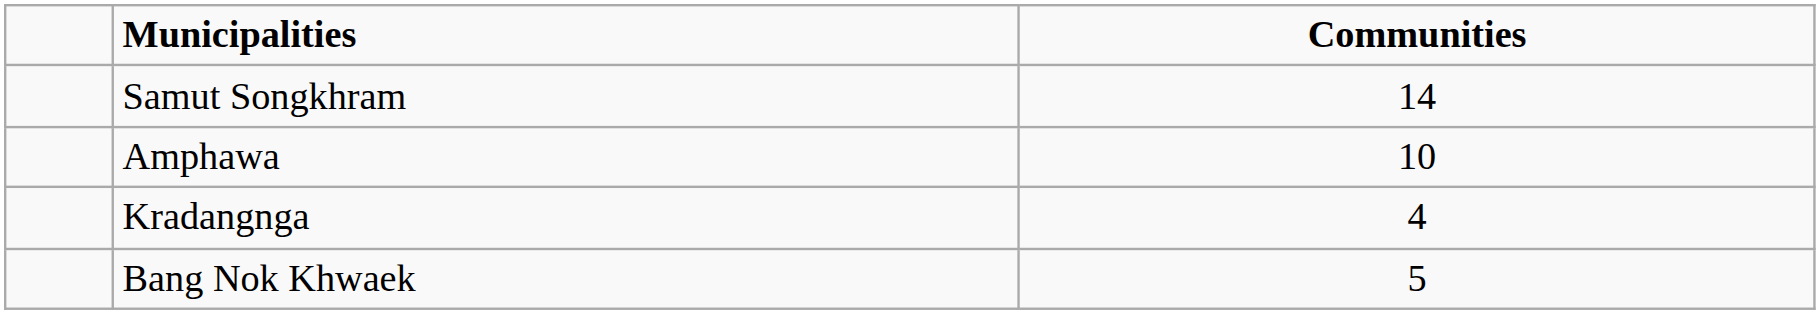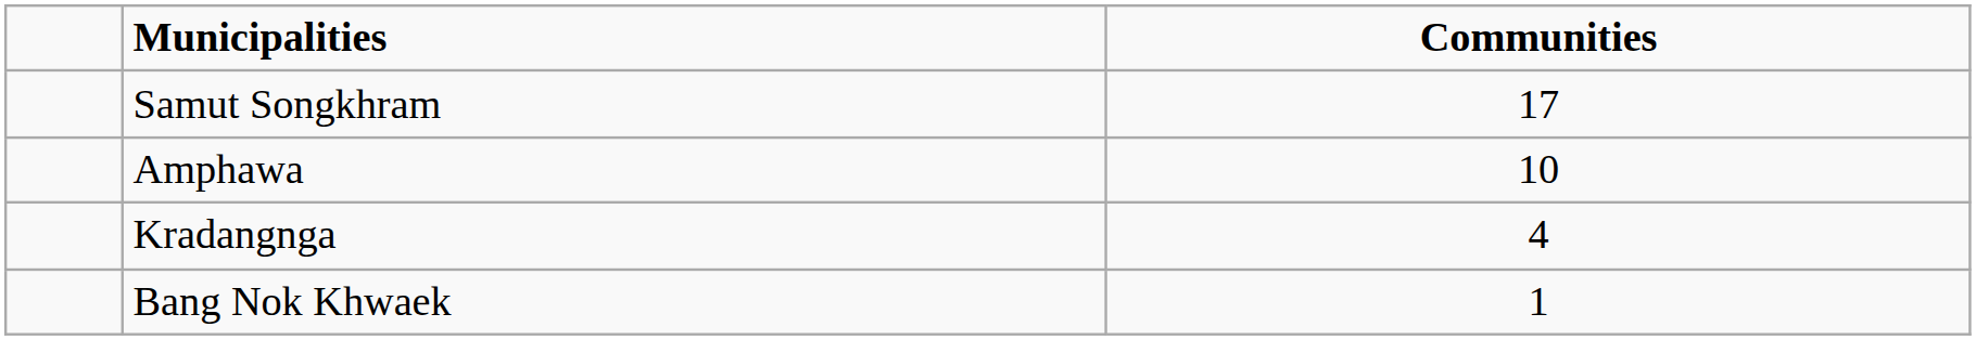 <table class="wikitable" style="width:60%;">
 <tr>
 <td scope="col" style="width:6%;"> </td>
 <td scope="col" style="width:50%;"><strong>Municipalities</strong></td>
 <td scope="col" style="width:44%; text-align:center;"><strong>Communities</strong></td>
 </tr>
 <tr>
 <td scope="row"> </td>
 <td>Samut Songkhram</td>
-<td style="text-align:center;">14</td>
+<td style="text-align:center;">17</td>
 </tr>
 <tr>
 <td scope="row"> </td>
 <td>Amphawa</td>
 <td style="text-align:center;">10</td>
 </tr>
 <tr>
 <td scope="row"> </td>
 <td>Kradangnga</td>
 <td style="text-align:center;">4</td>
 </tr>
 <tr>
 <td scope="row"> </td>
 <td>Bang Nok Khwaek</td>
-<td style="text-align:center;">5</td>
+<td style="text-align:center;">1</td>
 </tr>
 </table>
